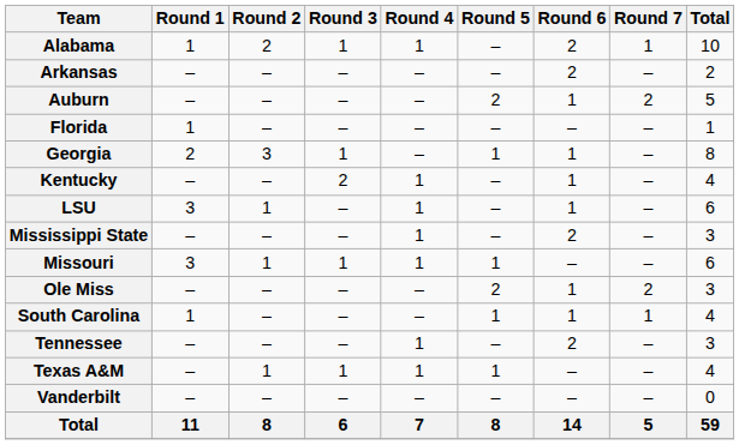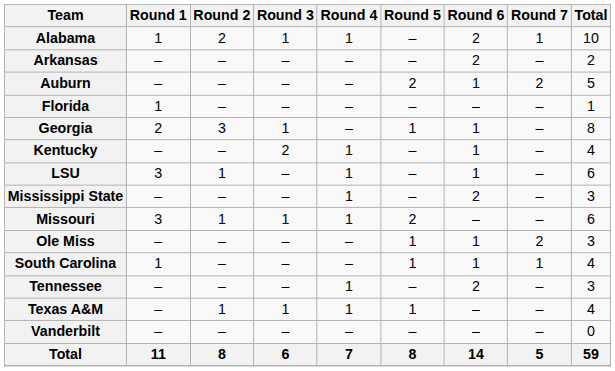 <table class="wikitable sortable" style="text-align: center;">
 <tr>
 <th>Team</th>
 <th>Round 1</th>
 <th>Round 2</th>
 <th>Round 3</th>
 <th>Round 4</th>
 <th>Round 5</th>
 <th>Round 6</th>
 <th>Round 7</th>
 <th>Total</th>
 </tr>
 <tr>
 <th>Alabama</th>
 <td>1</td>
 <td>2</td>
 <td>1</td>
 <td>1</td>
 <td>–</td>
 <td>2</td>
 <td>1</td>
 <td>10</td>
 </tr>
 <tr>
 <th>Arkansas</th>
 <td>–</td>
 <td>–</td>
 <td>–</td>
 <td>–</td>
 <td>–</td>
 <td>2</td>
 <td>–</td>
 <td>2</td>
 </tr>
 <tr>
 <th>Auburn</th>
 <td>–</td>
 <td>–</td>
 <td>–</td>
 <td>–</td>
 <td>2</td>
 <td>1</td>
 <td>2</td>
 <td>5</td>
 </tr>
 <tr>
 <th>Florida</th>
 <td>1</td>
 <td>–</td>
 <td>–</td>
 <td>–</td>
 <td>–</td>
 <td>–</td>
 <td>–</td>
 <td>1</td>
 </tr>
 <tr>
 <th>Georgia</th>
 <td>2</td>
 <td>3</td>
 <td>1</td>
 <td>–</td>
 <td>1</td>
 <td>1</td>
 <td>–</td>
 <td>8</td>
 </tr>
 <tr>
 <th>Kentucky</th>
 <td>–</td>
 <td>–</td>
 <td>2</td>
 <td>1</td>
 <td>–</td>
 <td>1</td>
 <td>–</td>
 <td>4</td>
 </tr>
 <tr>
 <th>LSU</th>
 <td>3</td>
 <td>1</td>
 <td>–</td>
 <td>1</td>
 <td>–</td>
 <td>1</td>
 <td>–</td>
 <td>6</td>
 </tr>
 <tr>
 <th>Mississippi State</th>
 <td>–</td>
 <td>–</td>
 <td>–</td>
 <td>1</td>
 <td>–</td>
 <td>2</td>
 <td>–</td>
 <td>3</td>
 </tr>
 <tr>
 <th>Missouri</th>
 <td>3</td>
 <td>1</td>
 <td>1</td>
 <td>1</td>
-<td>1</td>
+<td>2</td>
 <td>–</td>
 <td>–</td>
 <td>6</td>
 </tr>
 <tr>
 <th>Ole Miss</th>
 <td>–</td>
 <td>–</td>
 <td>–</td>
 <td>–</td>
-<td>2</td>
+<td>1</td>
 <td>1</td>
 <td>2</td>
 <td>3</td>
 </tr>
 <tr>
 <th>South Carolina</th>
 <td>1</td>
 <td>–</td>
 <td>–</td>
 <td>–</td>
 <td>1</td>
 <td>1</td>
 <td>1</td>
 <td>4</td>
 </tr>
 <tr>
 <th>Tennessee</th>
 <td>–</td>
 <td>–</td>
 <td>–</td>
 <td>1</td>
 <td>–</td>
 <td>2</td>
 <td>–</td>
 <td>3</td>
 </tr>
 <tr>
 <th>Texas A&M</th>
 <td>–</td>
 <td>1</td>
 <td>1</td>
 <td>1</td>
 <td>1</td>
 <td>–</td>
 <td>–</td>
 <td>4</td>
 </tr>
 <tr>
 <th>Vanderbilt</th>
 <td>–</td>
 <td>–</td>
 <td>–</td>
 <td>–</td>
 <td>–</td>
 <td>–</td>
 <td>–</td>
 <td>0</td>
 </tr>
 <tr>
 <th>Total</th>
 <th>11</th>
 <th>8</th>
 <th>6</th>
 <th>7</th>
 <th>8</th>
 <th>14</th>
 <th>5</th>
 <th>59</th>
 </tr>
 <tr>
 </tr>
 </table>
